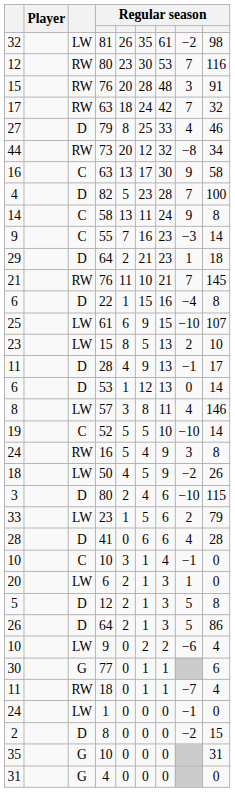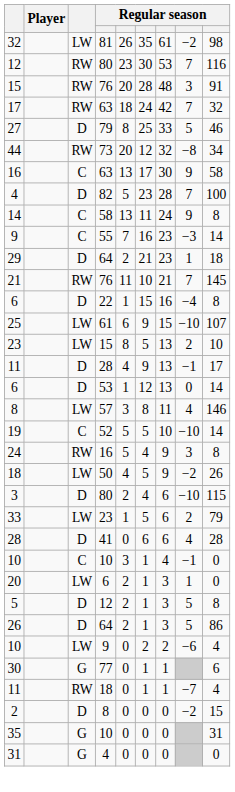 <table class="wikitable sortable plainrowheaders" style="text-align:center;">
 <tr>
 <th scope="col" data-sort-type="number" rowspan="2"></th>
 <th scope="col" rowspan="2">Player</th>
 <th scope="col" rowspan="2"></th>
 <th scope=colgroup colspan=6>Regular season</th>
 </tr>
 <tr>
 <th scope="col" data-sort-type="number"></th>
 <th scope="col" data-sort-type="number"></th>
 <th scope="col" data-sort-type="number"></th>
 <th scope="col" data-sort-type="number"></th>
 <th scope="col" data-sort-type="number"></th>
 <th scope="col" data-sort-type="number"></th>
 </tr>
 <tr>
 <td scope="row">32</td>
 <td align="left"></td>
 <td>LW</td>
 <td>81</td>
 <td>26</td>
 <td>35</td>
 <td>61</td>
 <td>−2</td>
 <td>98</td>
 </tr>
 <tr>
 <td scope="row">12</td>
 <td align="left"></td>
 <td>RW</td>
 <td>80</td>
 <td>23</td>
 <td>30</td>
 <td>53</td>
 <td>7</td>
 <td>116</td>
 </tr>
 <tr>
 <td scope="row">15</td>
 <td align="left"></td>
 <td>RW</td>
 <td>76</td>
 <td>20</td>
 <td>28</td>
 <td>48</td>
 <td>3</td>
 <td>91</td>
 </tr>
 <tr>
 <td scope="row">17</td>
 <td align="left"></td>
 <td>RW</td>
 <td>63</td>
 <td>18</td>
 <td>24</td>
 <td>42</td>
 <td>7</td>
 <td>32</td>
 </tr>
 <tr>
 <td scope="row">27</td>
 <td align="left"></td>
 <td>D</td>
 <td>79</td>
 <td>8</td>
 <td>25</td>
 <td>33</td>
-<td>4</td>
+<td>5</td>
 <td>46</td>
 </tr>
 <tr>
 <td scope="row">44</td>
 <td align="left"></td>
 <td>RW</td>
 <td>73</td>
 <td>20</td>
 <td>12</td>
 <td>32</td>
 <td>−8</td>
 <td>34</td>
 </tr>
 <tr>
 <td scope="row">16</td>
 <td align="left"></td>
 <td>C</td>
 <td>63</td>
 <td>13</td>
 <td>17</td>
 <td>30</td>
 <td>9</td>
 <td>58</td>
 </tr>
 <tr>
 <td scope="row">4</td>
 <td align="left"></td>
 <td>D</td>
 <td>82</td>
 <td>5</td>
 <td>23</td>
 <td>28</td>
 <td>7</td>
 <td>100</td>
 </tr>
 <tr>
 <td scope="row">14</td>
 <td align="left"></td>
 <td>C</td>
 <td>58</td>
 <td>13</td>
 <td>11</td>
 <td>24</td>
 <td>9</td>
 <td>8</td>
 </tr>
 <tr>
 <td scope="row">9</td>
 <td align="left"></td>
 <td>C</td>
 <td>55</td>
 <td>7</td>
 <td>16</td>
 <td>23</td>
 <td>−3</td>
 <td>14</td>
 </tr>
 <tr>
 <td scope="row">29</td>
 <td align="left"></td>
 <td>D</td>
 <td>64</td>
 <td>2</td>
 <td>21</td>
 <td>23</td>
 <td>1</td>
 <td>18</td>
 </tr>
 <tr>
 <td scope="row">21</td>
 <td align="left"></td>
 <td>RW</td>
 <td>76</td>
 <td>11</td>
 <td>10</td>
 <td>21</td>
 <td>7</td>
 <td>145</td>
 </tr>
 <tr>
 <td scope="row">6</td>
 <td align="left"></td>
 <td>D</td>
 <td>22</td>
 <td>1</td>
 <td>15</td>
 <td>16</td>
 <td>−4</td>
 <td>8</td>
 </tr>
 <tr>
 <td scope="row">25</td>
 <td align="left"></td>
 <td>LW</td>
 <td>61</td>
 <td>6</td>
 <td>9</td>
 <td>15</td>
 <td>−10</td>
 <td>107</td>
 </tr>
 <tr>
 <td scope="row">23</td>
 <td align="left"></td>
 <td>LW</td>
 <td>15</td>
 <td>8</td>
 <td>5</td>
 <td>13</td>
 <td>2</td>
 <td>10</td>
 </tr>
 <tr>
 <td scope="row">11</td>
 <td align="left"></td>
 <td>D</td>
 <td>28</td>
 <td>4</td>
 <td>9</td>
 <td>13</td>
 <td>−1</td>
 <td>17</td>
 </tr>
 <tr>
 <td scope="row">6</td>
 <td align="left"></td>
 <td>D</td>
 <td>53</td>
 <td>1</td>
 <td>12</td>
 <td>13</td>
 <td>0</td>
 <td>14</td>
 </tr>
 <tr>
 <td scope="row">8</td>
 <td align="left"></td>
 <td>LW</td>
 <td>57</td>
 <td>3</td>
 <td>8</td>
 <td>11</td>
 <td>4</td>
 <td>146</td>
 </tr>
 <tr>
 <td scope="row">19</td>
 <td align="left"></td>
 <td>C</td>
 <td>52</td>
 <td>5</td>
 <td>5</td>
 <td>10</td>
 <td>−10</td>
 <td>14</td>
 </tr>
 <tr>
 <td scope="row">24</td>
 <td align="left"></td>
 <td>RW</td>
 <td>16</td>
 <td>5</td>
 <td>4</td>
 <td>9</td>
 <td>3</td>
 <td>8</td>
 </tr>
 <tr>
 <td scope="row">18</td>
 <td align="left"></td>
 <td>LW</td>
 <td>50</td>
 <td>4</td>
 <td>5</td>
 <td>9</td>
 <td>−2</td>
 <td>26</td>
 </tr>
 <tr>
 <td scope="row">3</td>
 <td align="left"></td>
 <td>D</td>
 <td>80</td>
 <td>2</td>
 <td>4</td>
 <td>6</td>
 <td>−10</td>
 <td>115</td>
 </tr>
 <tr>
 <td scope="row">33</td>
 <td align="left"></td>
 <td>LW</td>
 <td>23</td>
 <td>1</td>
 <td>5</td>
 <td>6</td>
 <td>2</td>
 <td>79</td>
 </tr>
 <tr>
 <td scope="row">28</td>
 <td align="left"></td>
 <td>D</td>
 <td>41</td>
 <td>0</td>
 <td>6</td>
 <td>6</td>
 <td>4</td>
 <td>28</td>
 </tr>
 <tr>
 <td scope="row">10</td>
 <td align="left"></td>
 <td>C</td>
 <td>10</td>
 <td>3</td>
 <td>1</td>
 <td>4</td>
 <td>−1</td>
 <td>0</td>
 </tr>
 <tr>
 <td scope="row">20</td>
 <td align="left"></td>
 <td>LW</td>
 <td>6</td>
 <td>2</td>
 <td>1</td>
 <td>3</td>
 <td>1</td>
 <td>0</td>
 </tr>
 <tr>
 <td scope="row">5</td>
 <td align="left"></td>
 <td>D</td>
 <td>12</td>
 <td>2</td>
 <td>1</td>
 <td>3</td>
 <td>5</td>
 <td>8</td>
 </tr>
 <tr>
 <td scope="row">26</td>
 <td align="left"></td>
 <td>D</td>
 <td>64</td>
 <td>2</td>
 <td>1</td>
 <td>3</td>
 <td>5</td>
 <td>86</td>
 </tr>
 <tr>
 <td scope="row">10</td>
 <td align="left"></td>
 <td>LW</td>
 <td>9</td>
 <td>0</td>
 <td>2</td>
 <td>2</td>
 <td>−6</td>
 <td>4</td>
 </tr>
 <tr>
 <td scope="row">30</td>
 <td align="left"></td>
 <td>G</td>
 <td>77</td>
 <td>0</td>
 <td>1</td>
 <td>1</td>
 <td style="background:#ccc"></td>
 <td>6</td>
 </tr>
 <tr>
 <td scope="row">11</td>
 <td align="left"></td>
 <td>RW</td>
 <td>18</td>
 <td>0</td>
 <td>1</td>
 <td>1</td>
 <td>−7</td>
 <td>4</td>
 </tr>
 <tr>
-<td scope="row">24</td>
-<td align="left"></td>
-<td>LW</td>
-<td>1</td>
-<td>0</td>
-<td>0</td>
-<td>0</td>
-<td>−1</td>
-<td>0</td>
-</tr>
-<tr>
 <td scope="row">2</td>
 <td align="left"></td>
 <td>D</td>
 <td>8</td>
 <td>0</td>
 <td>0</td>
 <td>0</td>
 <td>−2</td>
 <td>15</td>
 </tr>
 <tr>
 <td scope="row">35</td>
 <td align="left"></td>
 <td>G</td>
 <td>10</td>
 <td>0</td>
 <td>0</td>
 <td>0</td>
 <td style="background:#ccc"></td>
 <td>31</td>
 </tr>
 <tr>
 <td scope="row">31</td>
 <td align="left"></td>
 <td>G</td>
 <td>4</td>
 <td>0</td>
 <td>0</td>
 <td>0</td>
 <td style="background:#ccc"></td>
 <td>0</td>
 </tr>
 </table>
